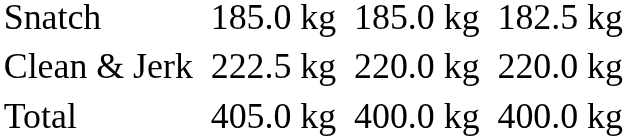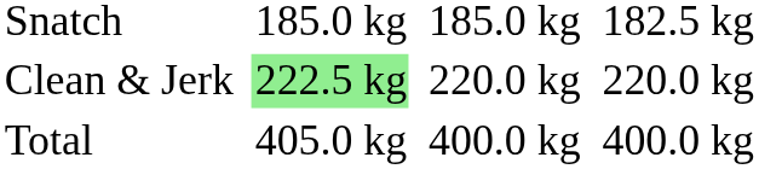 <table>
 <tr>
 <td>Snatch</td>
 <td></td>
 <td>185.0 kg</td>
 <td></td>
 <td>185.0 kg</td>
 <td></td>
 <td>182.5 kg</td>
 </tr>
 <tr>
 <td>Clean & Jerk</td>
 <td></td>
-<td>222.5 kg</td>
+<td style="background: lightgreen;">222.5 kg</td>
 <td></td>
 <td>220.0 kg</td>
 <td></td>
 <td>220.0 kg</td>
 </tr>
 <tr>
 <td>Total</td>
 <td></td>
 <td>405.0 kg</td>
 <td></td>
 <td>400.0 kg</td>
 <td></td>
 <td>400.0 kg</td>
 </tr>
 </table>
